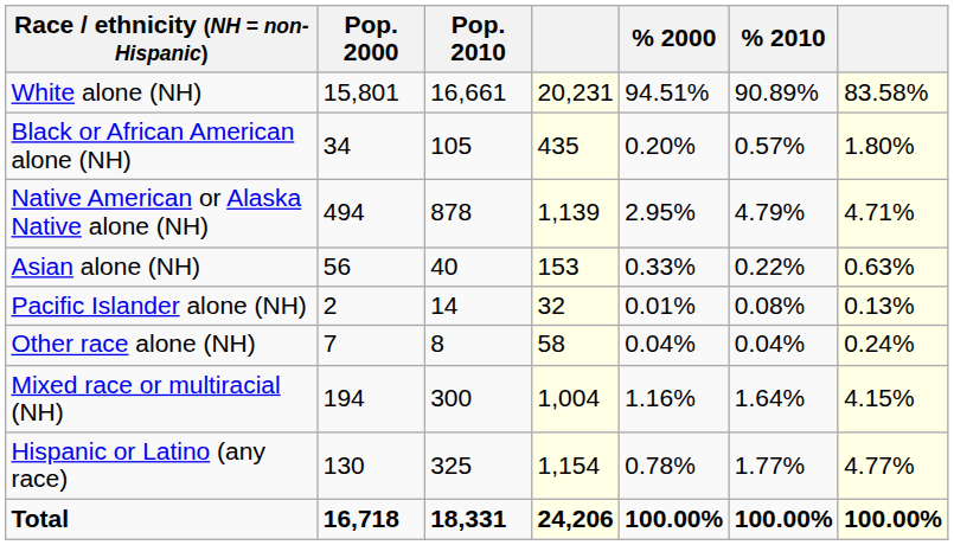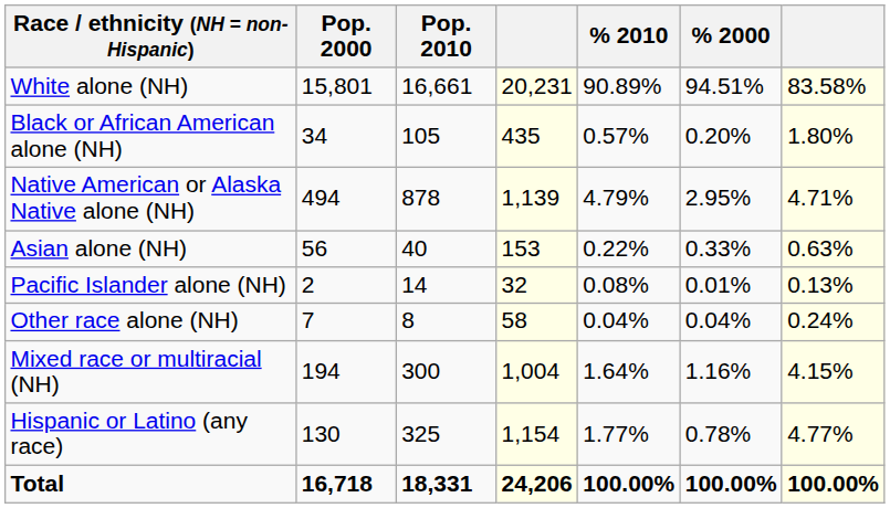 <table class="wikitable">
 <tr>
 <th>Race / ethnicity <small>(<em>NH = non-Hispanic</em>)</small></th>
 <th>Pop. 2000</th>
 <th>Pop. 2010</th>
 <th></th>
+<th>% 2010</th>
 <th>% 2000</th>
-<th>% 2010</th>
 <th></th>
 </tr>
 <tr>
 <td><a href='#'>White</a> alone (NH)</td>
 <td>15,801</td>
 <td>16,661</td>
 <td style='background: #ffffe6;'>20,231</td>
+<td>90.89%</td>
 <td>94.51%</td>
-<td>90.89%</td>
 <td style='background: #ffffe6;'>83.58%</td>
 </tr>
 <tr>
 <td><a href='#'>Black or African American</a> alone (NH)</td>
 <td>34</td>
 <td>105</td>
 <td style='background: #ffffe6;'>435</td>
+<td>0.57%</td>
 <td>0.20%</td>
-<td>0.57%</td>
 <td style='background: #ffffe6;'>1.80%</td>
 </tr>
 <tr>
 <td><a href='#'>Native American</a> or <a href='#'>Alaska Native</a> alone (NH)</td>
 <td>494</td>
 <td>878</td>
 <td style='background: #ffffe6;'>1,139</td>
+<td>4.79%</td>
 <td>2.95%</td>
-<td>4.79%</td>
 <td style='background: #ffffe6;'>4.71%</td>
 </tr>
 <tr>
 <td><a href='#'>Asian</a> alone (NH)</td>
 <td>56</td>
 <td>40</td>
 <td style='background: #ffffe6;'>153</td>
+<td>0.22%</td>
 <td>0.33%</td>
-<td>0.22%</td>
 <td style='background: #ffffe6;'>0.63%</td>
 </tr>
 <tr>
 <td><a href='#'>Pacific Islander</a> alone (NH)</td>
 <td>2</td>
 <td>14</td>
 <td style='background: #ffffe6;'>32</td>
+<td>0.08%</td>
 <td>0.01%</td>
-<td>0.08%</td>
 <td style='background: #ffffe6;'>0.13%</td>
 </tr>
 <tr>
 <td><a href='#'>Other race</a> alone (NH)</td>
 <td>7</td>
 <td>8</td>
 <td style='background: #ffffe6;'>58</td>
 <td>0.04%</td>
 <td>0.04%</td>
 <td style='background: #ffffe6;'>0.24%</td>
 </tr>
 <tr>
 <td><a href='#'>Mixed race or multiracial</a> (NH)</td>
 <td>194</td>
 <td>300</td>
 <td style='background: #ffffe6;'>1,004</td>
+<td>1.64%</td>
 <td>1.16%</td>
-<td>1.64%</td>
 <td style='background: #ffffe6;'>4.15%</td>
 </tr>
 <tr>
 <td><a href='#'>Hispanic or Latino</a> (any race)</td>
 <td>130</td>
 <td>325</td>
 <td style='background: #ffffe6;'>1,154</td>
+<td>1.77%</td>
 <td>0.78%</td>
-<td>1.77%</td>
 <td style='background: #ffffe6;'>4.77%</td>
 </tr>
 <tr>
 <td><strong>Total</strong></td>
 <td><strong>16,718</strong></td>
 <td><strong>18,331</strong></td>
 <td style='background: #ffffe6;'><strong>24,206</strong></td>
 <td><strong>100.00%</strong></td>
 <td><strong>100.00%</strong></td>
 <td style='background: #ffffe6;'><strong>100.00%</strong></td>
 </tr>
 </table>
